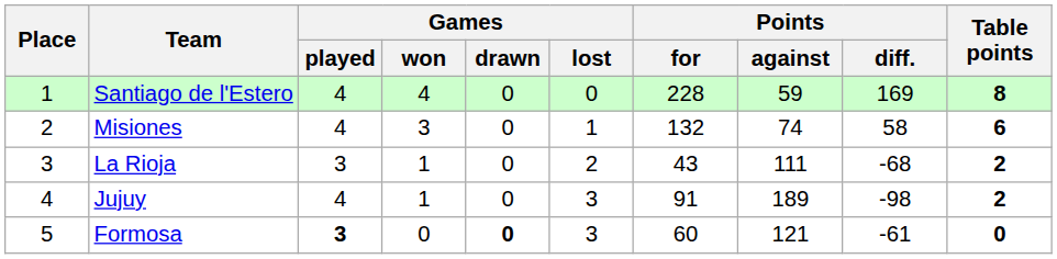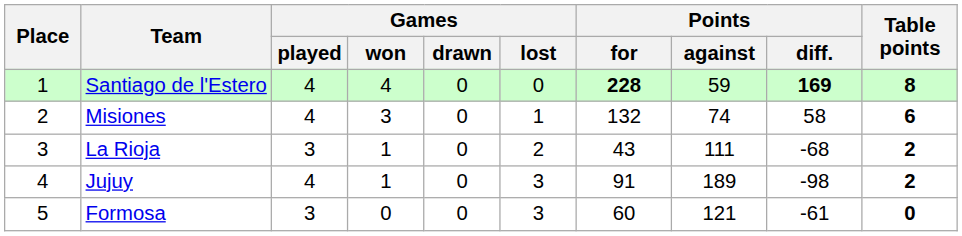 <table class="wikitable">
 <tr>
 <th rowspan=2 width="8%">Place</th>
 <th rowspan=2 width="20%">Team</th>
 <th colspan=4 width="32%">Games</th>
 <th colspan=3 width="30%">Points</th>
 <th rowspan=2 width="10%">Table<br>points</th>
 </tr>
 <tr>
 <th width="8%">played</th>
 <th width="8%">won</th>
 <th width="8%">drawn</th>
 <th width="8%">lost</th>
 <th width="10%">for</th>
 <th width="10%">against</th>
 <th width="10%">diff.</th>
 </tr>
 <tr align=center style="background: #ccffcc;">
 <td>1</td>
 <td align=left><a href='#'>Santiago de l'Estero</a></td>
 <td>4</td>
 <td>4</td>
 <td>0</td>
 <td>0</td>
-<td>228</td>
+<td><strong>228</strong></td>
 <td>59</td>
-<td>169</td>
+<td><strong>169</strong></td>
 <td><strong>8</strong></td>
 </tr>
 <tr align=center style="background: #ffffff;">
 <td>2</td>
 <td align=left><a href='#'>Misiones</a></td>
 <td>4</td>
 <td>3</td>
 <td>0</td>
 <td>1</td>
 <td>132</td>
 <td>74</td>
 <td>58</td>
 <td><strong>6</strong></td>
 </tr>
 <tr align=center style="background: #ffffff;">
 <td>3</td>
 <td align=left><a href='#'>La Rioja</a></td>
 <td>3</td>
 <td>1</td>
 <td>0</td>
 <td>2</td>
 <td>43</td>
 <td>111</td>
 <td>-68</td>
 <td><strong>2</strong></td>
 </tr>
 <tr align=center style="background: #ffffff;">
 <td>4</td>
 <td align=left><a href='#'>Jujuy</a></td>
 <td>4</td>
 <td>1</td>
 <td>0</td>
 <td>3</td>
 <td>91</td>
 <td>189</td>
 <td>-98</td>
 <td><strong>2</strong></td>
 </tr>
 <tr align=center style="background: #ffffff;">
 <td>5</td>
 <td align=left><a href='#'>Formosa</a></td>
-<td><strong>3</strong></td>
+<td>3</td>
 <td>0</td>
-<td><strong>0</strong></td>
+<td>0</td>
 <td>3</td>
 <td>60</td>
 <td>121</td>
 <td>-61</td>
 <td><strong>0</strong></td>
 </tr>
 </table>
